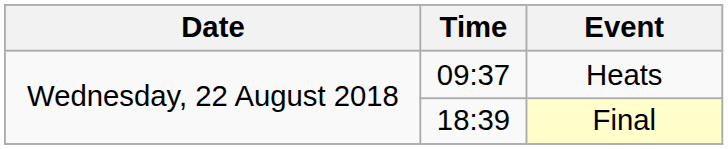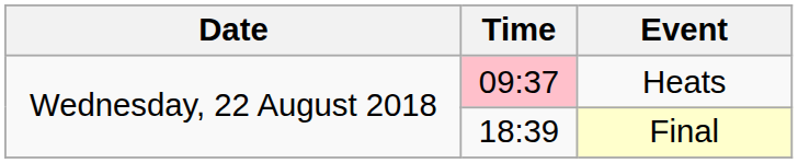 <table class = "wikitable" style="text-align:center;">
 <tr>
 <th width=220>Date</th>
 <th width=50>Time</th>
 <th width=100>Event</th>
 </tr>
 <tr>
 <td rowspan=2>Wednesday, 22 August 2018</td>
-<td>09:37</td>
+<td style="background: pink;">09:37</td>
 <td>Heats</td>
 </tr>
 <tr>
 <td>18:39</td>
 <td bgcolor=ffffcc>Final</td>
 </tr>
 </table>
